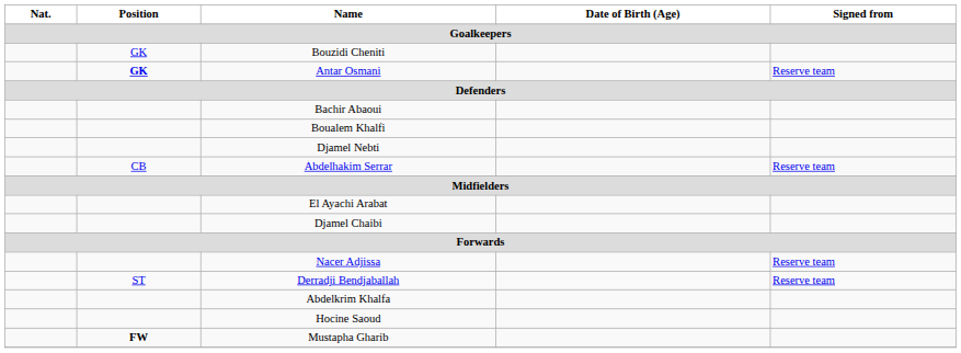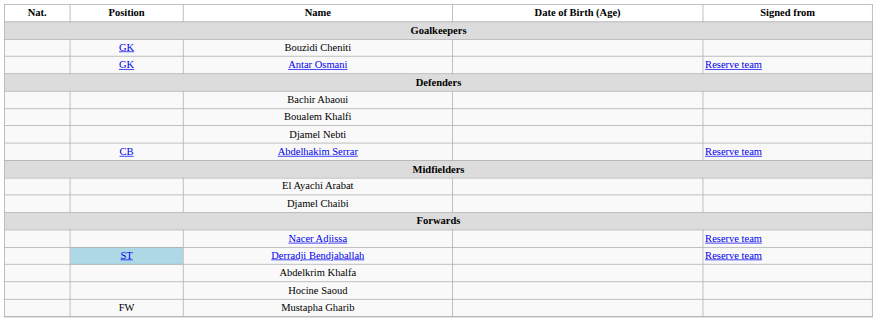 <table class="wikitable" style="text-align:center; font-size:90%; width:60%">
 <tr>
 <th style="background:white; color:black; text-align:center;">Nat.</th>
 <th style="background:white; color:black; text-align:center;">Position</th>
 <th style="background:white; color:black; text-align:center;">Name</th>
 <th style="background:white; color:black; text-align:center;">Date of Birth (Age)</th>
 <th style="background:white; color:black; text-align:center;">Signed from</th>
 </tr>
 <tr>
 <th colspan=10 style="background:#DCDCDC; text-align:center;">Goalkeepers</th>
 </tr>
 <tr>
 <td></td>
 <td><a href='#'>GK</a></td>
 <td>Bouzidi Cheniti</td>
 <td></td>
 <td style="text-align:left"></td>
 </tr>
 <tr>
 <td></td>
-<td><strong><a href='#'>GK</a></strong></td>
+<td><a href='#'>GK</a></td>
 <td><a href='#'>Antar Osmani</a></td>
 <td></td>
 <td style="text-align:left"><a href='#'>Reserve team</a></td>
 </tr>
 <tr>
 <th colspan=10 style="background:#DCDCDC; text-align:center;">Defenders</th>
 </tr>
 <tr>
 <td></td>
 <td></td>
 <td>Bachir Abaoui</td>
 <td></td>
 <td style="text-align:left"></td>
 </tr>
 <tr>
 <td></td>
 <td></td>
 <td>Boualem Khalfi</td>
 <td></td>
 <td style="text-align:left"></td>
 </tr>
 <tr>
 <td></td>
 <td></td>
 <td>Djamel Nebti</td>
 <td></td>
 <td style="text-align:left"></td>
 </tr>
 <tr>
 <td></td>
 <td><a href='#'>CB</a></td>
 <td><a href='#'>Abdelhakim Serrar</a></td>
 <td></td>
 <td style="text-align:left"><a href='#'>Reserve team</a></td>
 </tr>
 <tr>
 <th colspan=10 style="background:#DCDCDC; text-align:center;">Midfielders</th>
 </tr>
 <tr>
 <td></td>
 <td></td>
 <td>El Ayachi Arabat</td>
 <td></td>
 <td style="text-align:left"></td>
 </tr>
 <tr>
 <td></td>
 <td></td>
 <td>Djamel Chaibi</td>
 <td></td>
 <td style="text-align:left"></td>
 </tr>
 <tr>
 <th colspan=10 style="background:#DCDCDC; text-align:center;">Forwards</th>
 </tr>
 <tr>
 <td></td>
 <td></td>
 <td><a href='#'>Nacer Adjissa</a></td>
 <td></td>
 <td style="text-align:left"><a href='#'>Reserve team</a></td>
 </tr>
 <tr>
 <td></td>
-<td><a href='#'>ST</a></td>
+<td style="background: lightblue;"><a href='#'>ST</a></td>
 <td><a href='#'>Derradji Bendjaballah</a></td>
 <td></td>
 <td style="text-align:left"><a href='#'>Reserve team</a></td>
 </tr>
 <tr>
 <td></td>
 <td></td>
 <td>Abdelkrim Khalfa</td>
 <td></td>
 <td style="text-align:left"></td>
 </tr>
 <tr>
 <td></td>
 <td></td>
 <td>Hocine Saoud</td>
 <td></td>
 <td style="text-align:left"></td>
 </tr>
 <tr>
 <td></td>
-<td><strong>FW</strong></td>
+<td>FW</td>
 <td>Mustapha Gharib</td>
 <td></td>
 <td></td>
 </tr>
 <tr>
 </tr>
 </table>
